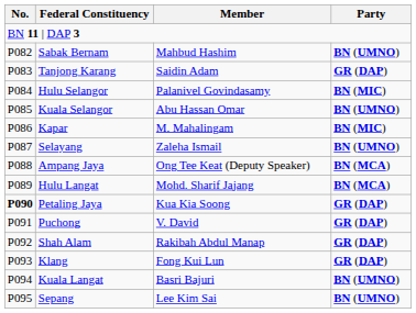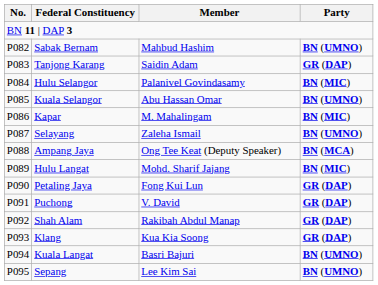 <table class="wikitable sortable">
 <tr>
 <th style="width:30px;">No.</th>
 <th style="width:150px;">Federal Constituency</th>
 <th style="width:230px;">Member</th>
 <th style="width:100px;">Party</th>
 </tr>
 <tr>
 <td colspan="4"><a href='#'>BN</a> <strong>11</strong> | <a href='#'>DAP</a> <strong>3</strong></td>
 </tr>
 <tr>
 <td>P082</td>
 <td><a href='#'>Sabak Bernam</a></td>
 <td><a href='#'>Mahbud Hashim</a></td>
 <td><strong><a href='#'>BN</a></strong> (<strong><a href='#'>UMNO</a></strong>)</td>
 </tr>
 <tr>
 <td>P083</td>
 <td><a href='#'>Tanjong Karang</a></td>
 <td><a href='#'>Saidin Adam</a></td>
 <td><strong><a href='#'>GR</a></strong> (<strong><a href='#'>DAP</a></strong>)</td>
 </tr>
 <tr>
 <td>P084</td>
 <td><a href='#'>Hulu Selangor</a></td>
 <td><a href='#'>Palanivel Govindasamy</a></td>
 <td><strong><a href='#'>BN</a></strong> (<strong><a href='#'>MIC</a></strong>)</td>
 </tr>
 <tr>
 <td>P085</td>
 <td><a href='#'>Kuala Selangor</a></td>
 <td><a href='#'>Abu Hassan Omar</a></td>
 <td><strong><a href='#'>BN</a></strong> (<strong><a href='#'>UMNO</a></strong>)</td>
 </tr>
 <tr>
 <td>P086</td>
 <td><a href='#'>Kapar</a></td>
 <td><a href='#'>M. Mahalingam</a></td>
 <td><strong><a href='#'>BN</a></strong> (<strong><a href='#'>MIC</a></strong>)</td>
 </tr>
 <tr>
 <td>P087</td>
 <td><a href='#'>Selayang</a></td>
 <td><a href='#'>Zaleha Ismail</a></td>
 <td><strong><a href='#'>BN</a></strong> (<strong><a href='#'>UMNO</a></strong>)</td>
 </tr>
 <tr>
 <td>P088</td>
 <td><a href='#'>Ampang Jaya</a></td>
 <td><a href='#'>Ong Tee Keat</a> (Deputy Speaker)</td>
 <td><strong><a href='#'>BN</a></strong> (<strong><a href='#'>MCA</a></strong>)</td>
 </tr>
 <tr>
 <td>P089</td>
 <td><a href='#'>Hulu Langat</a></td>
 <td><a href='#'>Mohd. Sharif Jajang</a></td>
-<td><strong><a href='#'>BN</a></strong> (<strong><a href='#'>MCA</a></strong>)</td>
+<td><strong><a href='#'>BN</a></strong> (<strong><a href='#'>MIC</a></strong>)</td>
 </tr>
 <tr>
-<td><strong>P090</strong></td>
+<td>P090</td>
 <td><a href='#'>Petaling Jaya</a></td>
-<td><a href='#'>Kua Kia Soong</a></td>
+<td><a href='#'>Fong Kui Lun</a></td>
 <td><strong><a href='#'>GR</a></strong> (<strong><a href='#'>DAP</a></strong>)</td>
 </tr>
 <tr>
 <td>P091</td>
 <td><a href='#'>Puchong</a></td>
 <td><a href='#'>V. David</a></td>
 <td><strong><a href='#'>GR</a></strong> (<strong><a href='#'>DAP</a></strong>)</td>
 </tr>
 <tr>
 <td>P092</td>
 <td><a href='#'>Shah Alam</a></td>
 <td><a href='#'>Rakibah Abdul Manap</a></td>
 <td><strong><a href='#'>GR</a></strong> (<strong><a href='#'>DAP</a></strong>)</td>
 </tr>
 <tr>
 <td>P093</td>
 <td><a href='#'>Klang</a></td>
-<td><a href='#'>Fong Kui Lun</a></td>
+<td><a href='#'>Kua Kia Soong</a></td>
 <td><strong><a href='#'>GR</a></strong> (<strong><a href='#'>DAP</a></strong>)</td>
 </tr>
 <tr>
 <td>P094</td>
 <td><a href='#'>Kuala Langat</a></td>
 <td><a href='#'>Basri Bajuri</a></td>
 <td><strong><a href='#'>BN</a></strong> (<strong><a href='#'>UMNO</a></strong>)</td>
 </tr>
 <tr>
 <td>P095</td>
 <td><a href='#'>Sepang</a></td>
 <td><a href='#'>Lee Kim Sai</a></td>
 <td><strong><a href='#'>BN</a></strong> (<strong><a href='#'>UMNO</a></strong>)</td>
 </tr>
 </table>
